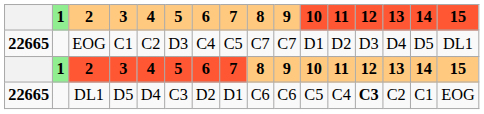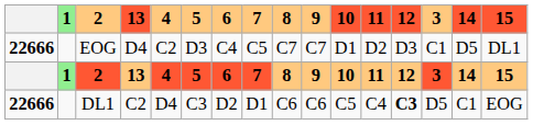 <table class="wikitable plainrowheaders unsortable" style="text-align:center">
 <tr>
 <th></th>
 <th rowspan="1" scope="col" style="background:lightgreen;">1</th>
 <th rowspan="1" scope="col" style="background:#FFC97F;">2</th>
-<th rowspan="1" scope="col" style="background:#FFC97F;">3</th>
+<th rowspan="1" scope="col" style="background:#FF5733;">13</th>
 <th rowspan="1" scope="col" style="background:#FFC97F;">4</th>
 <th rowspan="1" scope="col" style="background:#FFC97F;">5</th>
 <th rowspan="1" scope="col" style="background:#FFC97F;">6</th>
 <th rowspan="1" scope="col" style="background:#FFC97F;">7</th>
 <th rowspan="1" scope="col" style="background:#FFC97F;">8</th>
 <th rowspan="1" scope="col" style="background:#FFC97F;">9</th>
 <th rowspan="1" scope="col" style="background:#FF5733;">10</th>
 <th rowspan="1" scope="col" style="background:#FF5733;">11</th>
 <th rowspan="1" scope="col" style="background:#FF5733;">12</th>
-<th rowspan="1" scope="col" style="background:#FF5733;">13</th>
+<th rowspan="1" scope="col" style="background:#FFC97F;">3</th>
 <th rowspan="1" scope="col" style="background:#FF5733;">14</th>
 <th rowspan="1" scope="col" style="background:#FF5733;">15</th>
 </tr>
 <tr>
-<td><strong>22665</strong></td>
+<td><strong>22666</strong></td>
 <td></td>
 <td>EOG</td>
-<td>C1</td>
+<td>D4</td>
 <td>C2</td>
 <td>D3</td>
 <td>C4</td>
 <td>C5</td>
 <td>C7</td>
 <td>C7</td>
 <td>D1</td>
 <td>D2</td>
 <td>D3</td>
-<td>D4</td>
+<td>C1</td>
 <td>D5</td>
 <td>DL1</td>
 </tr>
 <tr>
 <th></th>
 <th rowspan="1" scope="col" style="background:lightgreen;">1</th>
 <th rowspan="1" scope="col" style="background:#FF5733;">2</th>
-<th rowspan="1" scope="col" style="background:#FF5733;">3</th>
+<th rowspan="1" scope="col" style="background:#FFC97F;">13</th>
 <th rowspan="1" scope="col" style="background:#FF5733;">4</th>
 <th rowspan="1" scope="col" style="background:#FF5733;">5</th>
 <th rowspan="1" scope="col" style="background:#FF5733;">6</th>
 <th rowspan="1" scope="col" style="background:#FF5733;">7</th>
 <th rowspan="1" scope="col" style="background:#FFC97F;">8</th>
 <th rowspan="1" scope="col" style="background:#FFC97F;">9</th>
 <th rowspan="1" scope="col" style="background:#FFC97F;">10</th>
 <th rowspan="1" scope="col" style="background:#FFC97F;">11</th>
 <th rowspan="1" scope="col" style="background:#FFC97F;">12</th>
-<th rowspan="1" scope="col" style="background:#FFC97F;">13</th>
+<th rowspan="1" scope="col" style="background:#FF5733;">3</th>
 <th rowspan="1" scope="col" style="background:#FFC97F;">14</th>
 <th rowspan="1" scope="col" style="background:#FFC97F;">15</th>
 </tr>
 <tr>
-<td><strong>22665</strong></td>
+<td><strong>22666</strong></td>
 <td></td>
 <td>DL1</td>
-<td>D5</td>
+<td>C2</td>
 <td>D4</td>
 <td>C3</td>
 <td>D2</td>
 <td>D1</td>
 <td>C6</td>
 <td>C6</td>
 <td>C5</td>
 <td>C4</td>
 <td><strong>C3</strong></td>
-<td>C2</td>
+<td>D5</td>
 <td>C1</td>
 <td>EOG</td>
 </tr>
 </table>
